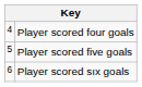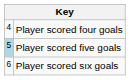 <table class="wikitable plainrowheaders">
 <tr>
 <th colspan="2" scope="col">Key</th>
 </tr>
 <tr>
 <td scope="row"><sup>4</sup></td>
 <td align="left">Player scored four goals</td>
 </tr>
 <tr>
-<td scope="row"><sup>5</sup></td>
+<td scope="row" style="background: lightblue;"><sup>5</sup></td>
 <td align="left">Player scored five goals</td>
 </tr>
 <tr>
 <td scope="row"><sup>6</sup></td>
 <td align="left">Player scored sıx goals</td>
 </tr>
 </table>
